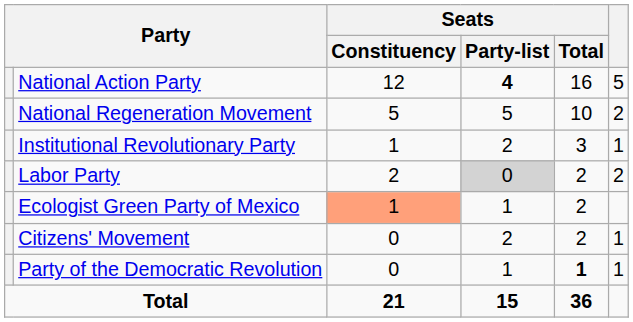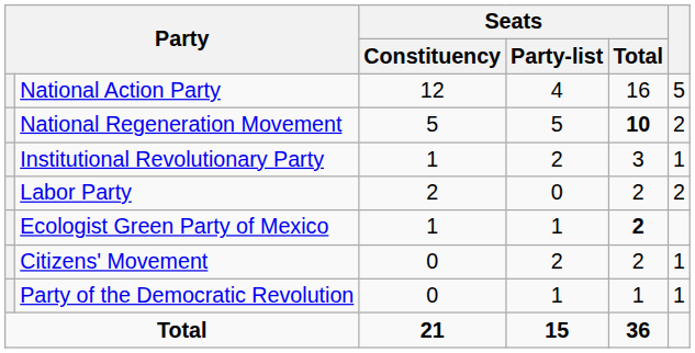 <table class="wikitable" style="text-align:center;">
 <tr>
 <th colspan="2" rowspan="2">Party</th>
 <th colspan="3">Seats</th>
 <th rowspan="2"></th>
 </tr>
 <tr>
 <th style="width:3em"><strong>Constituency</strong></th>
 <th>Party-list</th>
 <th>Total</th>
 </tr>
 <tr>
 <th style="background-color:"></th>
 <td style="text-align:left;"><a href='#'>National Action Party</a></td>
 <td>12</td>
-<td><strong>4</strong></td>
+<td>4</td>
 <td>16</td>
 <td> 5</td>
 </tr>
 <tr>
 <th style="background-color:"></th>
 <td style="text-align:left;"><a href='#'>National Regeneration Movement</a></td>
 <td>5</td>
 <td>5</td>
-<td>10</td>
+<td><strong>10</strong></td>
 <td> 2</td>
 </tr>
 <tr>
 <th style="background-color:"></th>
 <td style="text-align:left;"><a href='#'>Institutional Revolutionary Party</a></td>
 <td>1</td>
 <td>2</td>
 <td>3</td>
 <td> 1</td>
 </tr>
 <tr>
 <th style="background-color:"></th>
 <td style="text-align:left;"><a href='#'>Labor Party</a></td>
 <td>2</td>
-<td style="background: lightgrey;">0</td>
+<td>0</td>
 <td>2</td>
 <td> 2</td>
 </tr>
 <tr>
 <th style="background-color:"></th>
 <td style="text-align:left;"><a href='#'>Ecologist Green Party of Mexico</a></td>
-<td style="background: lightsalmon;">1</td>
 <td>1</td>
-<td>2</td>
+<td>1</td>
+<td><strong>2</strong></td>
 <td></td>
 </tr>
 <tr>
 <th style="background-color:"></th>
 <td style="text-align:left;"><a href='#'>Citizens' Movement</a></td>
 <td>0</td>
 <td>2</td>
 <td>2</td>
 <td> 1</td>
 </tr>
 <tr>
 <th style="background-color:"></th>
 <td style="text-align:left;"><a href='#'>Party of the Democratic Revolution</a></td>
 <td>0</td>
 <td>1</td>
-<td><strong>1</strong></td>
+<td>1</td>
 <td> 1</td>
 </tr>
 <tr>
 <td colspan="2"><strong>Total</strong></td>
 <td><strong>21</strong></td>
 <td><strong>15</strong></td>
 <td><strong>36</strong></td>
 <td></td>
 </tr>
 </table>
